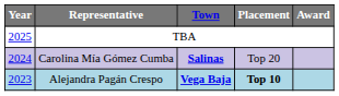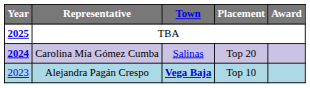 <table class="sortable wiki table" border="3" cellpadding="3" cellspacing="0" style="margin: 0 1em 0 0; background: white; border: 1px #000000 solid; border-collapse: collapse; font-size: 75%; text-align:center">
 <tr>
 <th style="background-color:#787878;color:#FFFFFF;">Year</th>
 <th style="background-color:#787878;color:#FFFFFF;">Representative</th>
 <th style="background-color:#787878;color:#FFFFFF;"><a href='#'>Town</a></th>
 <th style="background-color:#787878;color:#FFFFFF;">Placement</th>
 <th style="background-color:#787878;color:#FFFFFF;">Award</th>
 </tr>
 <tr>
-<td><a href='#'>2025</a></td>
+<td><strong><a href='#'>2025</a></strong></td>
 <td colspan=4>TBA</td>
 </tr>
 <tr>
-<td style="background-color:#CBC3E3;"><a href='#'>2024</a></td>
+<td style="background-color:#CBC3E3;"><strong><a href='#'>2024</a></strong></td>
 <td style="background-color:#CBC3E3;">Carolina Mía Gómez Cumba</td>
-<td style="background-color:#CBC3E3;"><strong><a href='#'>Salinas</a></strong></td>
+<td style="background-color:#CBC3E3;"><a href='#'>Salinas</a></td>
 <td style="background-color:#CBC3E3;">Top 20</td>
 <td style="background-color:#CBC3E3;"></td>
 </tr>
 <tr>
 <td style="background-color:#ADD8E6;"><a href='#'>2023</a></td>
 <td style="background-color:#ADD8E6;">Alejandra Pagán Crespo</td>
 <td style="background-color:#ADD8E6;"><strong><a href='#'>Vega Baja</a></strong></td>
-<td style="background-color:#ADD8E6;"><strong>Top 10</strong></td>
+<td style="background-color:#ADD8E6;">Top 10</td>
 <td style="background-color:#ADD8E6;"></td>
 </tr>
 </table>
